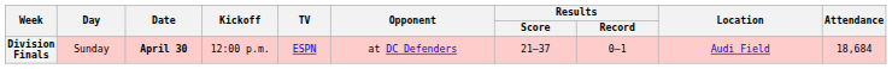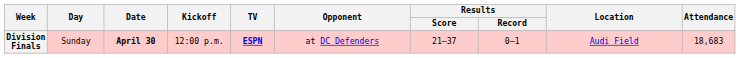 <table class="wikitable" style="text-align:center; font-size: 95%;">
 <tr>
 <th rowspan="2" width="40">Week</th>
 <th rowspan="2" width="80">Day</th>
 <th rowspan="2" width="90">Date</th>
 <th rowspan="2" width="90">Kickoff</th>
 <th rowspan="2" width="60">TV</th>
 <th rowspan="2" width="200">Opponent</th>
 <th colspan="2" width="200">Results</th>
 <th rowspan="2" width="200">Location</th>
 <th rowspan="2">Attendance</th>
 </tr>
 <tr>
 <th width="60">Score</th>
 <th width="60">Record</th>
 </tr>
 <tr style="background:#ffcccc">
 <th>Division Finals</th>
 <td>Sunday</td>
 <td><strong>April 30</strong></td>
 <td>12:00 p.m.</td>
-<td><a href='#'>ESPN</a></td>
+<td><strong><a href='#'>ESPN</a></strong></td>
 <td>at <a href='#'>DC Defenders</a></td>
 <td>21–37</td>
 <td>0–1</td>
 <td><a href='#'>Audi Field</a></td>
-<td>18,684</td>
+<td>18,683</td>
 </tr>
 </table>
